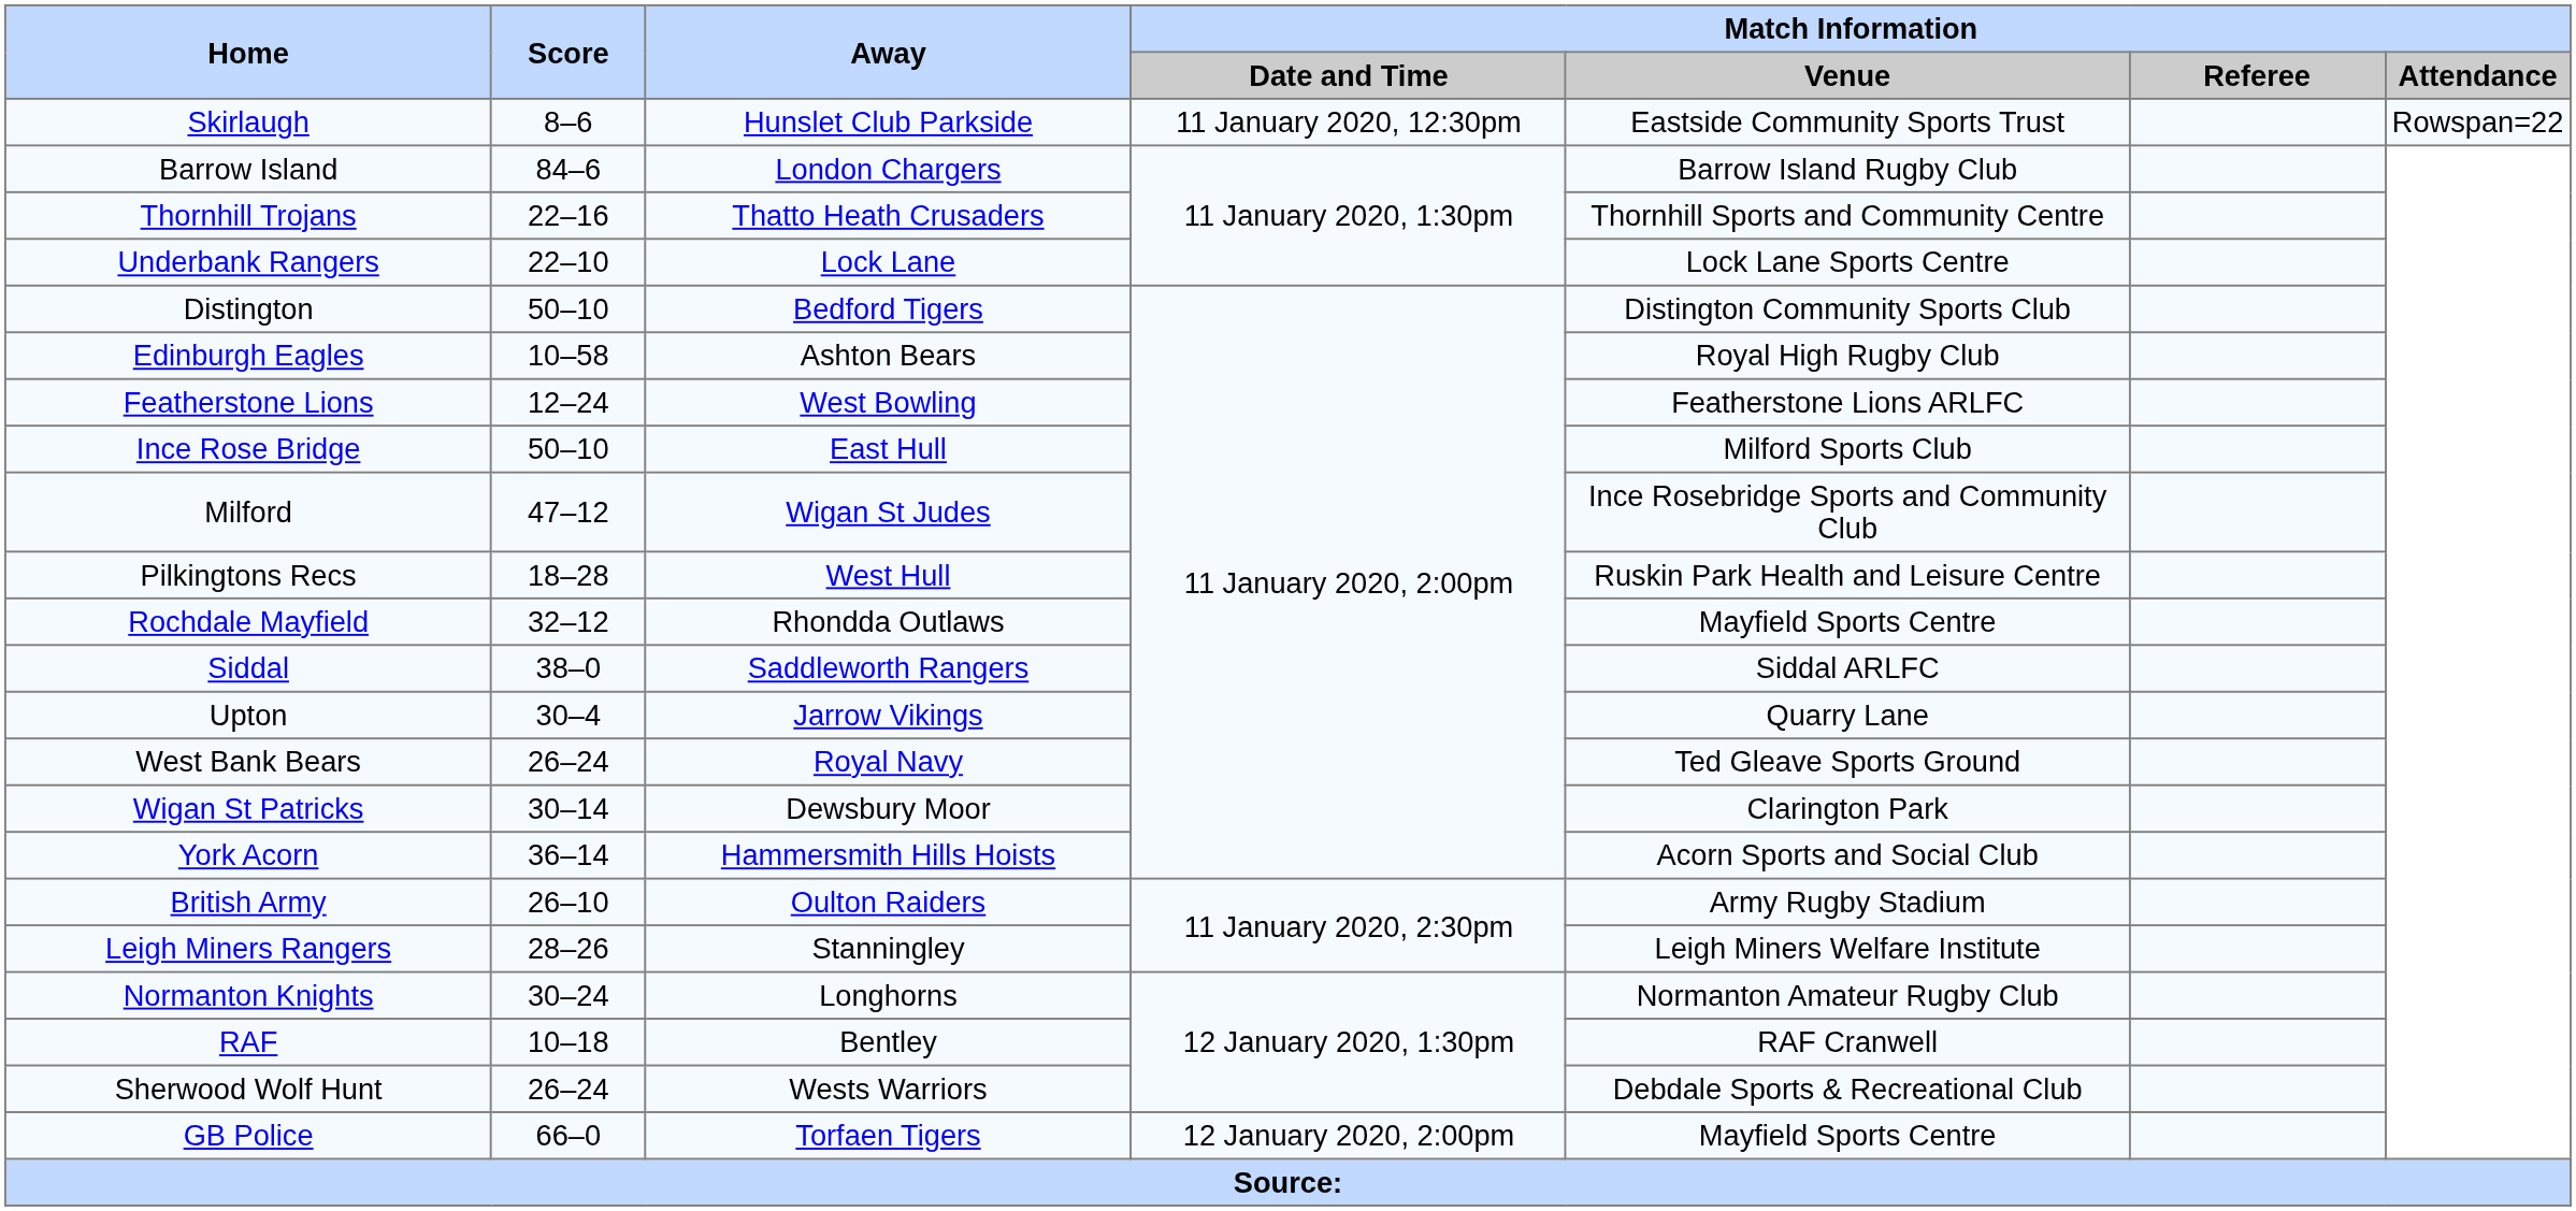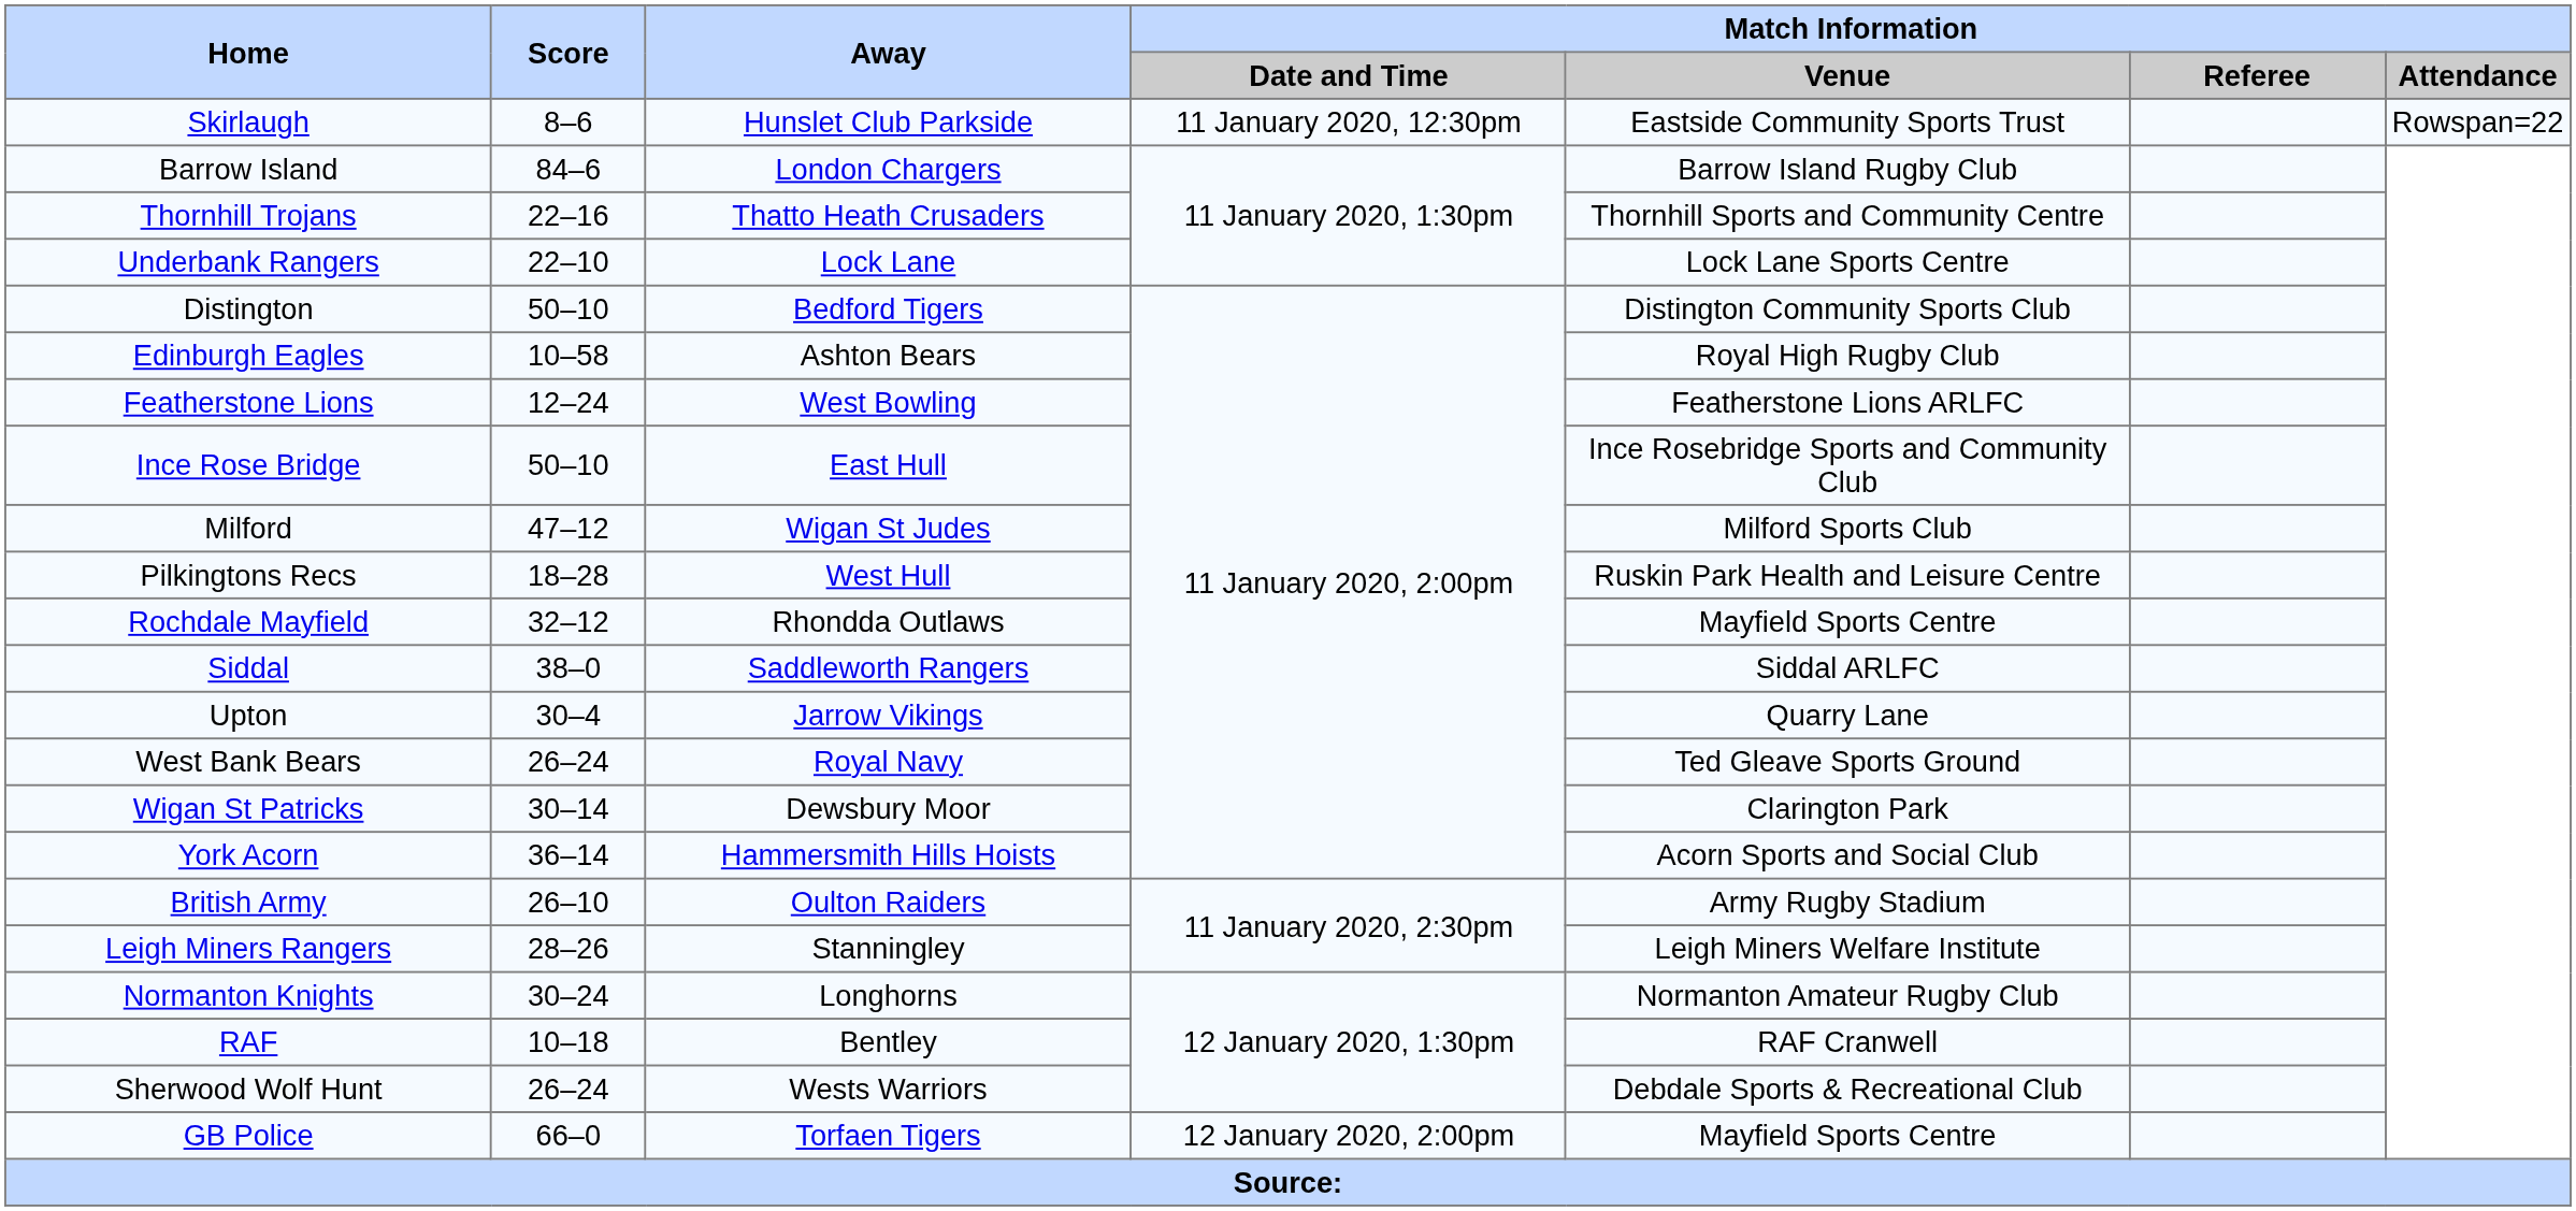 <table border=1 style="border-collapse:collapse; font-size:90%; text-align:center"; cellpadding=3 cellspacing=0 width=100%>
 <tr bgcolor="#c1d8ff">
 <th rowspan=2 width=19%>Home</th>
 <th rowspan=2 width=6%>Score</th>
 <th rowspan=2 width=19%>Away</th>
 <th colspan=6>Match Information</th>
 </tr>
 <tr bgcolor="#cccccc">
 <th width=17%>Date and Time</th>
 <th width=22%>Venue</th>
 <th width=10%>Referee</th>
 <th width=7%>Attendance</th>
 </tr>
 <tr bgcolor=#f5faff>
 <td><a href='#'>Skirlaugh</a></td>
 <td>8–6</td>
 <td><a href='#'>Hunslet Club Parkside</a></td>
 <td>11 January 2020, 12:30pm</td>
 <td>Eastside Community Sports Trust</td>
 <td></td>
 <td>Rowspan=22</td>
 </tr>
 <tr bgcolor=#f5faff>
 <td>Barrow Island</td>
 <td>84–6</td>
 <td><a href='#'>London Chargers</a></td>
 <td rowspan=3>11 January 2020, 1:30pm</td>
 <td>Barrow Island Rugby Club</td>
 <td></td>
 </tr>
 <tr bgcolor=#f5faff>
 <td><a href='#'>Thornhill Trojans</a></td>
 <td>22–16</td>
 <td><a href='#'>Thatto Heath Crusaders</a></td>
 <td>Thornhill Sports and Community Centre</td>
 <td></td>
 </tr>
 <tr bgcolor=#f5faff>
 <td><a href='#'>Underbank Rangers</a></td>
 <td>22–10</td>
 <td><a href='#'>Lock Lane</a></td>
 <td>Lock Lane Sports Centre</td>
 <td></td>
 </tr>
 <tr bgcolor=#f5faff>
 <td>Distington</td>
 <td>50–10</td>
 <td><a href='#'>Bedford Tigers</a></td>
 <td Rowspan=12>11 January 2020, 2:00pm</td>
 <td>Distington Community Sports Club</td>
 <td></td>
 </tr>
 <tr bgcolor=#f5faff>
 <td><a href='#'>Edinburgh Eagles</a></td>
 <td>10–58</td>
 <td>Ashton Bears</td>
 <td>Royal High Rugby Club</td>
 <td></td>
 </tr>
 <tr bgcolor=#f5faff>
 <td><a href='#'>Featherstone Lions</a></td>
 <td>12–24</td>
 <td><a href='#'>West Bowling</a></td>
 <td>Featherstone Lions ARLFC</td>
 <td></td>
 </tr>
 <tr bgcolor=#f5faff>
 <td><a href='#'>Ince Rose Bridge</a></td>
 <td>50–10</td>
 <td><a href='#'>East Hull</a></td>
-<td>Milford Sports Club</td>
+<td>Ince Rosebridge Sports and Community Club</td>
 <td></td>
 </tr>
 <tr bgcolor=#f5faff>
 <td>Milford</td>
 <td>47–12</td>
 <td><a href='#'>Wigan St Judes</a></td>
-<td>Ince Rosebridge Sports and Community Club</td>
+<td>Milford Sports Club</td>
 <td></td>
 </tr>
 <tr bgcolor=#f5faff>
 <td>Pilkingtons Recs</td>
 <td>18–28</td>
 <td><a href='#'>West Hull</a></td>
 <td>Ruskin Park Health and Leisure Centre</td>
 <td></td>
 </tr>
 <tr bgcolor=#f5faff>
 <td><a href='#'>Rochdale Mayfield</a></td>
 <td>32–12</td>
 <td>Rhondda Outlaws</td>
 <td>Mayfield Sports Centre</td>
 <td></td>
 </tr>
 <tr bgcolor=#f5faff>
 <td><a href='#'>Siddal</a></td>
 <td>38–0</td>
 <td><a href='#'>Saddleworth Rangers</a></td>
 <td>Siddal ARLFC</td>
 <td></td>
 </tr>
 <tr bgcolor=#f5faff>
 <td>Upton</td>
 <td>30–4</td>
 <td><a href='#'>Jarrow Vikings</a></td>
 <td>Quarry Lane</td>
 <td></td>
 </tr>
 <tr bgcolor=#f5faff>
 <td>West Bank Bears</td>
 <td>26–24</td>
 <td><a href='#'>Royal Navy</a></td>
 <td>Ted Gleave Sports Ground</td>
 <td></td>
 </tr>
 <tr bgcolor=#f5faff>
 <td><a href='#'>Wigan St Patricks</a></td>
 <td>30–14</td>
 <td>Dewsbury Moor</td>
 <td>Clarington Park</td>
 <td></td>
 </tr>
 <tr bgcolor=#f5faff>
 <td><a href='#'>York Acorn</a></td>
 <td>36–14</td>
 <td><a href='#'>Hammersmith Hills Hoists</a></td>
 <td>Acorn Sports and Social Club</td>
 <td></td>
 </tr>
 <tr bgcolor=#f5faff>
 <td><a href='#'>British Army</a></td>
 <td>26–10</td>
 <td><a href='#'>Oulton Raiders</a></td>
 <td Rowspan=2>11 January 2020, 2:30pm</td>
 <td>Army Rugby Stadium</td>
 <td></td>
 </tr>
 <tr bgcolor=#f5faff>
 <td><a href='#'>Leigh Miners Rangers</a></td>
 <td>28–26</td>
 <td>Stanningley</td>
 <td>Leigh Miners Welfare Institute</td>
 <td></td>
 </tr>
 <tr bgcolor=#f5faff>
 <td><a href='#'>Normanton Knights</a></td>
 <td>30–24</td>
 <td>Longhorns</td>
 <td Rowspan=3>12 January 2020, 1:30pm</td>
 <td>Normanton Amateur Rugby Club</td>
 <td></td>
 </tr>
 <tr bgcolor=#f5faff>
 <td><a href='#'>RAF</a></td>
 <td>10–18</td>
 <td>Bentley</td>
 <td>RAF Cranwell</td>
 <td></td>
 </tr>
 <tr bgcolor=#f5faff>
 <td>Sherwood Wolf Hunt</td>
 <td>26–24</td>
 <td>Wests Warriors</td>
 <td>Debdale Sports & Recreational Club</td>
 <td></td>
 </tr>
 <tr bgcolor=#f5faff>
 <td><a href='#'>GB Police</a></td>
 <td>66–0</td>
 <td><a href='#'>Torfaen Tigers</a></td>
 <td>12 January 2020, 2:00pm</td>
 <td>Mayfield Sports Centre</td>
 <td></td>
 </tr>
 <tr bgcolor=#c1d8ff>
 <th colspan=7>Source:</th>
 </tr>
 </table>
